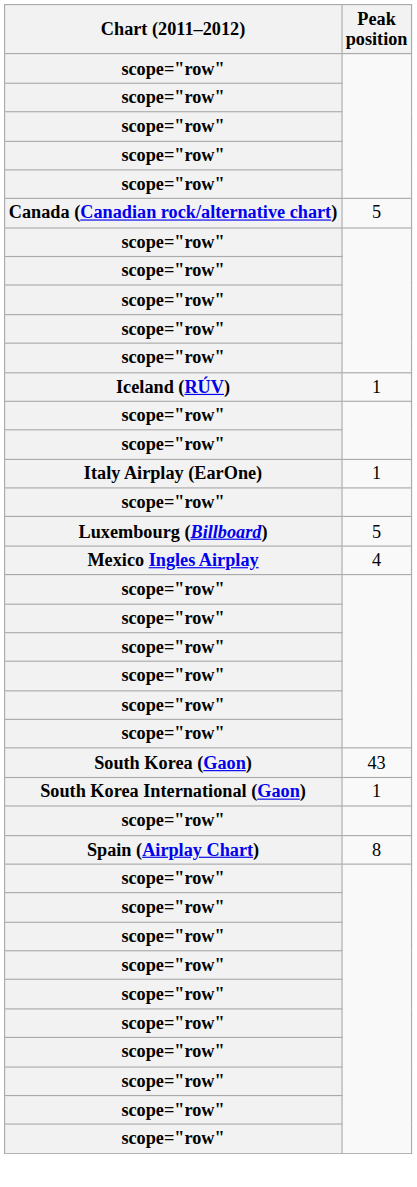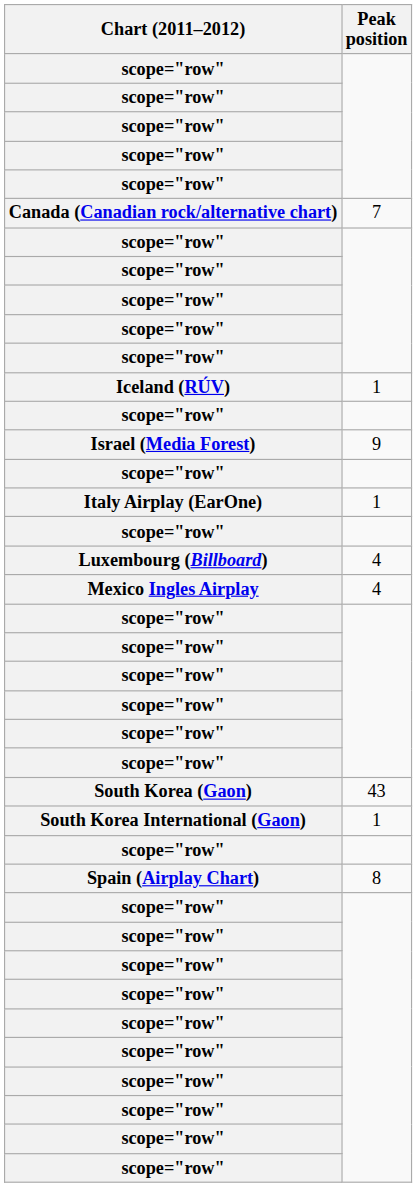 <table class="wikitable sortable plainrowheaders" style="text-align:center">
 <tr>
 <th>Chart (2011–2012)</th>
 <th>Peak<br>position</th>
 </tr>
 <tr>
 <th>scope="row"</th>
 </tr>
 <tr>
 <th>scope="row"</th>
 </tr>
 <tr>
 <th>scope="row"</th>
 </tr>
 <tr>
 <th>scope="row"</th>
 </tr>
 <tr>
 <th>scope="row"</th>
 </tr>
 <tr>
 <th scope="row">Canada (<a href='#'>Canadian rock/alternative chart</a>)</th>
-<td>5</td>
+<td>7</td>
 </tr>
 <tr>
 <th>scope="row"</th>
 </tr>
 <tr>
 <th>scope="row"</th>
 </tr>
 <tr>
 <th>scope="row"</th>
 </tr>
 <tr>
 <th>scope="row"</th>
 </tr>
 <tr>
 <th>scope="row"</th>
 </tr>
 <tr>
 <th scope="row">Iceland (<a href='#'>RÚV</a>)</th>
 <td>1</td>
 </tr>
 <tr>
 <th>scope="row"</th>
 </tr>
 <tr>
+<th scope="row">Israel (<a href='#'>Media Forest</a>)</th>
+<td>9</td>
+</tr>
+<tr>
 <th>scope="row"</th>
 </tr>
 <tr>
 <th scope="row">Italy Airplay (EarOne)</th>
 <td>1</td>
 </tr>
 <tr>
 <th>scope="row"</th>
 </tr>
 <tr>
 <th scope="row">Luxembourg (<em><a href='#'>Billboard</a></em>)</th>
-<td>5</td>
+<td>4</td>
 </tr>
 <tr>
 <th scope="row">Mexico <a href='#'>Ingles Airplay</a></th>
 <td>4</td>
 </tr>
 <tr>
 <th>scope="row"</th>
 </tr>
 <tr>
 <th>scope="row"</th>
 </tr>
 <tr>
 <th>scope="row"</th>
 </tr>
 <tr>
 <th>scope="row"</th>
 </tr>
 <tr>
 <th>scope="row"</th>
 </tr>
 <tr>
 <th>scope="row"</th>
 </tr>
 <tr>
 <th scope="row">South Korea (<a href='#'>Gaon</a>)</th>
 <td>43</td>
 </tr>
 <tr>
 <th scope="row">South Korea International (<a href='#'>Gaon</a>)</th>
 <td>1</td>
 </tr>
 <tr>
 <th>scope="row"</th>
 </tr>
 <tr>
 <th scope="row">Spain (<a href='#'>Airplay Chart</a>)</th>
 <td>8</td>
 </tr>
 <tr>
 <th>scope="row"</th>
 </tr>
 <tr>
 <th>scope="row"</th>
 </tr>
 <tr>
 <th>scope="row"</th>
 </tr>
 <tr>
 <th>scope="row"</th>
 </tr>
 <tr>
 <th>scope="row"</th>
 </tr>
 <tr>
 <th>scope="row"</th>
 </tr>
 <tr>
 <th>scope="row"</th>
 </tr>
 <tr>
 <th>scope="row"</th>
 </tr>
 <tr>
 <th>scope="row"</th>
 </tr>
 <tr>
 <th>scope="row"</th>
 </tr>
 </table>
